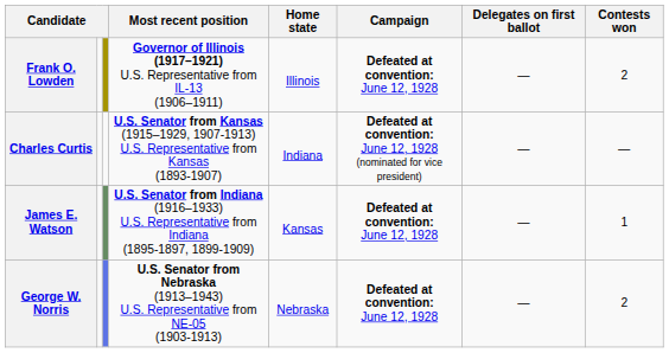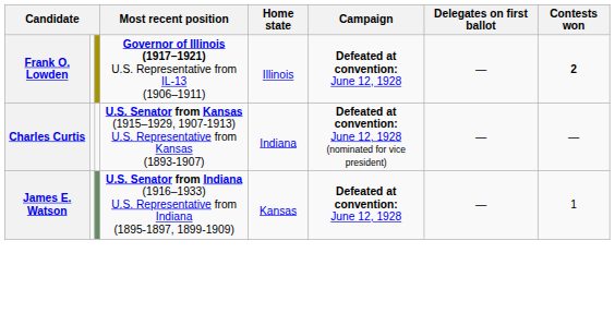 <table class="wikitable sortable" style="text-align:center;">
 <tr>
 <th colspan="3">Candidate</th>
 <th class="unsortable">Most recent position</th>
 <th>Home state</th>
 <th data-sort-type="date">Campaign</th>
 <th>Delegates on first ballot</th>
 <th>Contests won</th>
 </tr>
 <tr>
 <th scope="row" data-sort-value="Lowden"><a href='#'>Frank O. Lowden</a></th>
 <td></td>
 <td style="background:#a59400;"></td>
 <td><strong><a href='#'>Governor of Illinois</a></strong><br><strong>(1917–1921)</strong><br>U.S. Representative from<br><a href='#'>IL-13</a><br>(1906–1911)</td>
 <td><br><a href='#'>Illinois</a></td>
 <td><strong>Defeated at convention:</strong><br> <a href='#'>June 12, 1928</a></td>
 <td data-sort-value="0">—</td>
-<td data-sort-value="1">2</td>
+<td data-sort-value="1"><strong>2</strong></td>
 </tr>
 <tr>
 <th scope="row" data-sort-value="Curtis"><a href='#'>Charles Curtis</a></th>
 <td></td>
 <td style="background:#;"></td>
 <td><strong><a href='#'>U.S. Senator</a> from <a href='#'>Kansas</a></strong><br>(1915–1929, 1907-1913)<br><a href='#'>U.S. Representative</a> from <a href='#'>Kansas</a><br>(1893-1907)</td>
 <td><br><a href='#'>Indiana</a></td>
 <td><strong>Defeated at convention:</strong><br> <a href='#'>June 12, 1928</a><br><small>(nominated for vice president)</small></td>
 <td data-sort-value="0">—</td>
 <td data-sort-value="1">—</td>
 </tr>
 <tr>
 <th scope="row" data-sort-value="Watson"><a href='#'>James E. Watson</a></th>
 <td></td>
 <td style="background:#668c63;"></td>
 <td><strong><a href='#'>U.S. Senator</a> from <a href='#'>Indiana</a></strong><br>(1916–1933)<br><a href='#'>U.S. Representative</a> from <a href='#'>Indiana</a><br>(1895-1897, 1899-1909)</td>
 <td><br><a href='#'>Kansas</a></td>
 <td><strong>Defeated at convention:</strong><br> <a href='#'>June 12, 1928</a></td>
 <td data-sort-value="0">—</td>
 <td data-sort-value="1">1</td>
 </tr>
-<tr>
-<th scope="row" data-sort-value="Norris"><a href='#'>George W. Norris</a></th>
-<td></td>
-<td style="background:#5d73e5;"></td>
-<td><strong>U.S. Senator from Nebraska</strong><br>(1913–1943)<br><a href='#'>U.S. Representative</a> from  <a href='#'>NE-05</a><br>(1903-1913)</td>
-<td><br><a href='#'>Nebraska</a></td>
-<td><strong>Defeated at convention:</strong><br> <a href='#'>June 12, 1928</a></td>
-<td data-sort-value="0">—</td>
-<td data-sort-value="1">2</td>
-</tr>
 </table>
